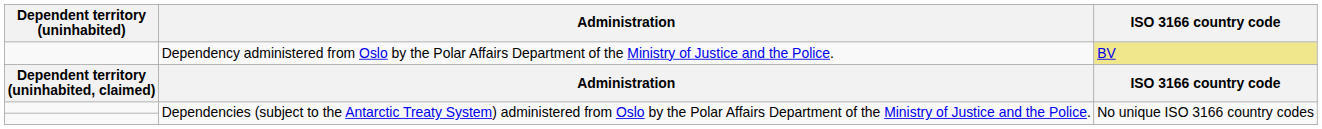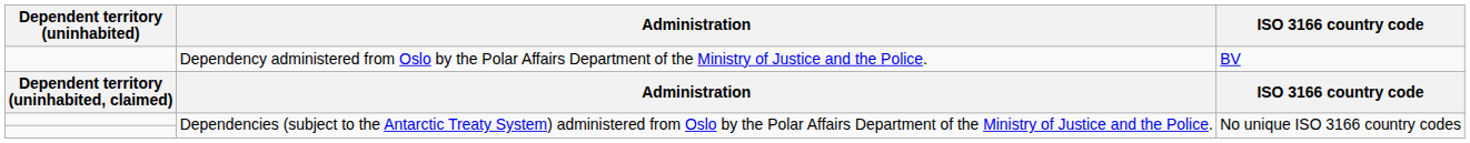 <table class="wikitable sortable">
 <tr>
 <th>Dependent territory<br>(uninhabited)</th>
 <th>Administration</th>
 <th>ISO 3166 country code</th>
 </tr>
 <tr>
 <td></td>
 <td>Dependency administered from <a href='#'>Oslo</a> by the Polar Affairs Department of the <a href='#'>Ministry of Justice and the Police</a>.</td>
-<td style="background: khaki;"><a href='#'>BV</a></td>
+<td><a href='#'>BV</a></td>
 </tr>
 <tr>
 <th>Dependent territory<br>(uninhabited, claimed)</th>
 <th>Administration</th>
 <th>ISO 3166 country code</th>
 </tr>
 <tr>
 <td><em></em></td>
 <td rowspan=2>Dependencies (subject to the <a href='#'>Antarctic Treaty System</a>) administered from <a href='#'>Oslo</a> by the Polar Affairs Department of the <a href='#'>Ministry of Justice and the Police</a>.</td>
 <td rowspan="2">No unique ISO 3166 country codes</td>
 </tr>
 <tr>
 <td><em></em></td>
 </tr>
 </table>
